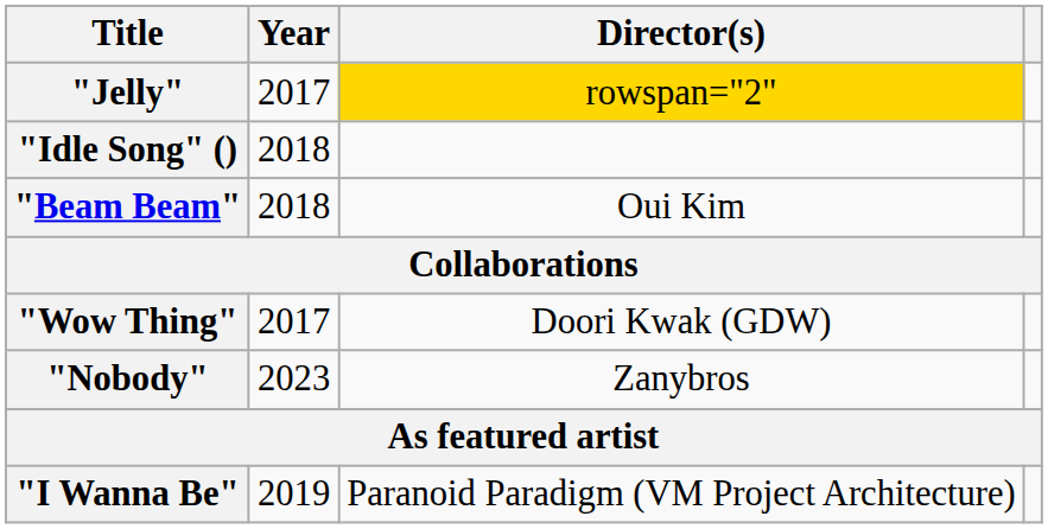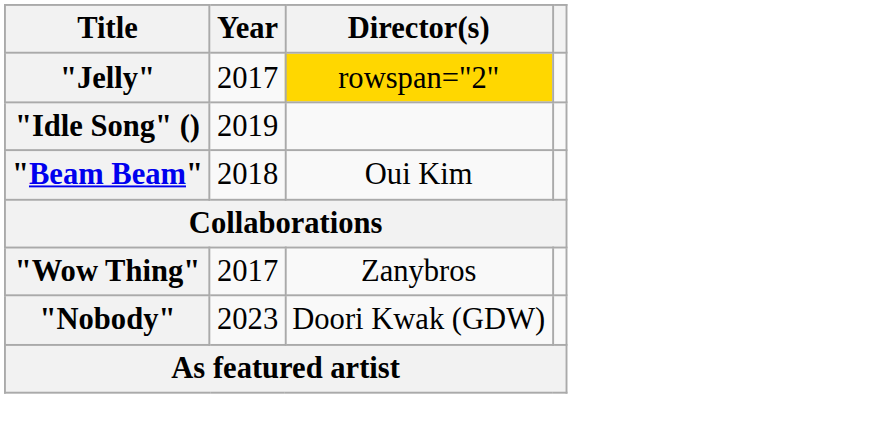 <table class="wikitable plainrowheaders" style="text-align:center; table-layout:fixed; margin-right:0">
 <tr>
 <th scope="col">Title</th>
 <th scope="col">Year</th>
 <th scope="col">Director(s)</th>
 <th scope="col"></th>
 </tr>
 <tr>
 <th scope="row">"Jelly"</th>
 <td>2017</td>
 <td style="background: gold;">rowspan="2" </td>
 <td></td>
 </tr>
 <tr>
 <th scope="row">"Idle Song" ()</th>
-<td>2018</td>
+<td>2019</td>
 <td></td>
 </tr>
 <tr>
 <th scope="row">"<a href='#'>Beam Beam</a>"</th>
 <td>2018</td>
 <td>Oui Kim</td>
 <td></td>
 </tr>
 <tr>
 <th scope="col" colspan="4">Collaborations</th>
 </tr>
 <tr>
 <th scope="row">"Wow Thing"<br></th>
 <td>2017</td>
-<td>Doori Kwak (GDW)</td>
+<td>Zanybros</td>
 <td></td>
 </tr>
 <tr>
 <th scope="row">"Nobody"<br></th>
 <td>2023</td>
-<td>Zanybros</td>
+<td>Doori Kwak (GDW)</td>
 <td></td>
 </tr>
 <tr>
 <th scope="col" colspan="4">As featured artist</th>
 </tr>
-<tr>
-<th scope="row">"I Wanna Be" <br></th>
-<td>2019</td>
-<td>Paranoid Paradigm (VM Project Architecture)</td>
-<td></td>
-</tr>
 </table>
